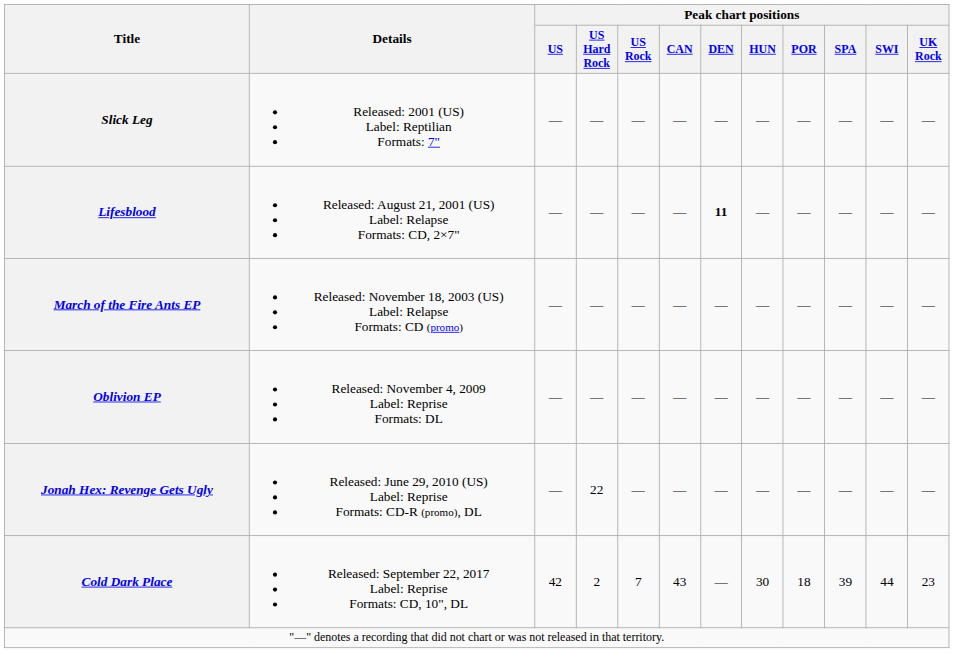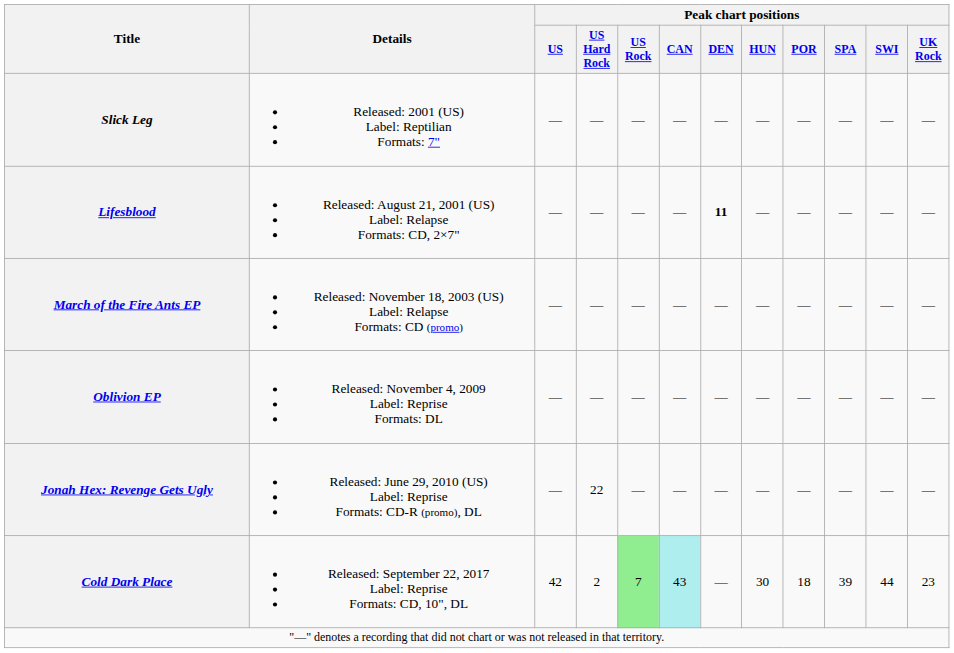 <table class="wikitable plainrowheaders" style="text-align:center;">
 <tr>
 <th scope="col" rowspan="2" style="width:18em;">Title</th>
 <th scope="col" rowspan="2" style="width:21em;">Details</th>
 <th scope="col" colspan="10">Peak chart positions</th>
 </tr>
 <tr>
 <th scope="col" style="width:3em;font-size:90%;"><a href='#'>US</a><br></th>
 <th scope="col" style="width:3em;font-size:90%;"><a href='#'>US<br>Hard Rock</a><br></th>
 <th scope="col" style="width:3em;font-size:90%;"><a href='#'>US<br>Rock</a><br></th>
 <th scope="col" style="width:3em;font-size:90%;"><a href='#'>CAN</a><br></th>
 <th scope="col" style="width:3em;font-size:90%;"><a href='#'>DEN</a><br></th>
 <th scope="col" style="width:3em;font-size:90%;"><a href='#'>HUN</a><br></th>
 <th scope="col" style="width:3em;font-size:90%;"><a href='#'>POR</a><br></th>
 <th scope="col" style="width:3em;font-size:90%;"><a href='#'>SPA</a><br></th>
 <th scope="col" style="width:3em;font-size:90%;"><a href='#'>SWI</a><br></th>
 <th scope="col" style="width:3em;font-size:90%;"><a href='#'>UK<br>Rock</a><br></th>
 </tr>
 <tr>
 <th scope="row"><em>Slick Leg</em></th>
 <td><br><ul><li>Released: 2001 <span>(US)</span></li><li>Label: Reptilian</li><li>Formats: <a href='#'>7"</a></li></ul></td>
 <td>—</td>
 <td>—</td>
 <td>—</td>
 <td>—</td>
 <td>—</td>
 <td>—</td>
 <td>—</td>
 <td>—</td>
 <td>—</td>
 <td>—</td>
 </tr>
 <tr>
 <th scope="row"><em><a href='#'>Lifesblood</a></em></th>
 <td><br><ul><li>Released: August 21, 2001 <span>(US)</span></li><li>Label: Relapse</li><li>Formats: CD, 2×7"</li></ul></td>
 <td>—</td>
 <td>—</td>
 <td>—</td>
 <td>—</td>
 <td><strong>11</strong></td>
 <td>—</td>
 <td>—</td>
 <td>—</td>
 <td>—</td>
 <td>—</td>
 </tr>
 <tr>
 <th scope="row"><em><a href='#'>March of the Fire Ants EP</a></em></th>
 <td><br><ul><li>Released: November 18, 2003 <span>(US)</span></li><li>Label: Relapse</li><li>Formats: CD <small>(<a href='#'>promo</a>)</small></li></ul></td>
 <td>—</td>
 <td>—</td>
 <td>—</td>
 <td>—</td>
 <td>—</td>
 <td>—</td>
 <td>—</td>
 <td>—</td>
 <td>—</td>
 <td>—</td>
 </tr>
 <tr>
 <th scope="row"><em><a href='#'>Oblivion EP</a></em></th>
 <td><br><ul><li>Released: November 4, 2009</li><li>Label: Reprise</li><li>Formats: DL</li></ul></td>
 <td>—</td>
 <td>—</td>
 <td>—</td>
 <td>—</td>
 <td>—</td>
 <td>—</td>
 <td>—</td>
 <td>—</td>
 <td>—</td>
 <td>—</td>
 </tr>
 <tr>
 <th scope="row"><em><a href='#'>Jonah Hex: Revenge Gets Ugly</a></em></th>
 <td><br><ul><li>Released: June 29, 2010 <span>(US)</span></li><li>Label: Reprise</li><li>Formats: CD-R <small>(promo)</small>, DL</li></ul></td>
 <td>—</td>
 <td>22</td>
 <td>—</td>
 <td>—</td>
 <td>—</td>
 <td>—</td>
 <td>—</td>
 <td>—</td>
 <td>—</td>
 <td>—</td>
 </tr>
 <tr>
 <th scope="row"><em><a href='#'>Cold Dark Place</a></em></th>
 <td><br><ul><li>Released: September 22, 2017</li><li>Label: Reprise</li><li>Formats: CD, 10", DL</li></ul></td>
 <td>42</td>
 <td>2</td>
-<td>7</td>
-<td>43</td>
+<td style="background: lightgreen;">7</td>
+<td style="background: paleturquoise;">43</td>
 <td>—</td>
 <td>30</td>
 <td>18</td>
 <td>39</td>
 <td>44</td>
 <td>23</td>
 </tr>
 <tr>
 <td colspan="15" style="font-size:90%">"—" denotes a recording that did not chart or was not released in that territory.</td>
 </tr>
 </table>
